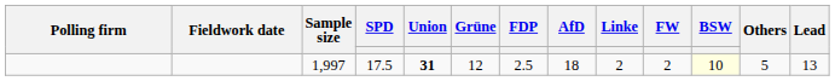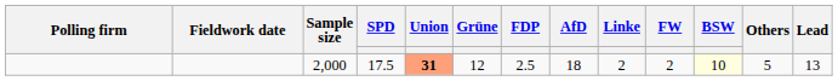 <table class="wikitable sortable mw-datatable mw-collapsible" style="text-align:center;font-size:90%;line-height:14px;">
 <tr style="height:40px;">
 <th style="width:155px;" rowspan="2">Polling firm</th>
 <th style="width:120px;" rowspan="2">Fieldwork date</th>
 <th style="width: 35px;" rowspan="2">Sample<br>size</th>
 <th class="unsortable" style="width:40px;"><a href='#'>SPD</a></th>
 <th class="unsortable" style="width:40px;"><a href='#'>Union</a></th>
 <th class="unsortable" style="width:40px;"><a href='#'>Grüne</a></th>
 <th class="unsortable" style="width:40px;"><a href='#'>FDP</a></th>
 <th class="unsortable" style="width:40px;"><a href='#'>AfD</a></th>
 <th class="unsortable" style="width:40px;"><a href='#'>Linke</a></th>
 <th class="unsortable" style="width:40px;"><a href='#'>FW</a></th>
 <th class="unsortable" style="width:40px;"><a href='#'>BSW</a></th>
 <th class="unsortable" style="width:30px;" rowspan="2">Others</th>
 <th style="width:30px;" rowspan="2">Lead</th>
 </tr>
 <tr>
 <th style="background:"></th>
 <th style="background:"></th>
 <th style="background:"></th>
 <th style="background:"></th>
 <th style="background:"></th>
 <th style="background:"></th>
 <th style="background:"></th>
 <th style="background:"></th>
 </tr>
 <tr>
 <td></td>
 <td></td>
-<td>1,997</td>
+<td>2,000</td>
 <td>17.5</td>
-<td><strong>31</strong></td>
+<td style="background: lightsalmon;"><strong>31</strong></td>
 <td>12</td>
 <td>2.5</td>
 <td>18</td>
 <td>2</td>
 <td>2</td>
 <td style="background: lightyellow;">10</td>
 <td>5</td>
 <td style="background:">13</td>
 </tr>
 </table>
